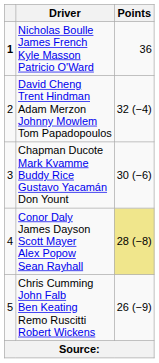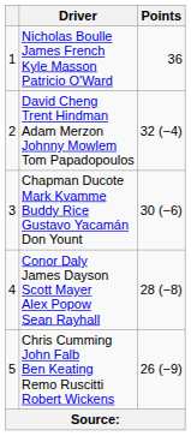 <table class="wikitable" style="font-size: 95%;">
 <tr>
 <th scope="col"></th>
 <th scope="col">Driver</th>
 <th scope="col">Points</th>
 </tr>
 <tr>
-<td align=center><strong>1</strong></td>
+<td align=center>1</td>
 <td> <a href='#'>Nicholas Boulle</a><br> <a href='#'>James French</a><br> <a href='#'>Kyle Masson</a><br> <a href='#'>Patricio O'Ward</a></td>
 <td align=right>36</td>
 </tr>
 <tr>
 <td align=center>2</td>
 <td> <a href='#'>David Cheng</a><br> <a href='#'>Trent Hindman</a><br> Adam Merzon<br> <a href='#'>Johnny Mowlem</a><br> Tom Papadopoulos</td>
 <td align=right>32 (−4)</td>
 </tr>
 <tr>
 <td align=center>3</td>
 <td> Chapman Ducote<br> <a href='#'>Mark Kvamme</a><br> <a href='#'>Buddy Rice</a><br> <a href='#'>Gustavo Yacamán</a><br> Don Yount</td>
 <td align=right>30 (−6)</td>
 </tr>
 <tr>
 <td align=center>4</td>
 <td> <a href='#'>Conor Daly</a><br> James Dayson<br> <a href='#'>Scott Mayer</a><br> <a href='#'>Alex Popow</a><br> <a href='#'>Sean Rayhall</a></td>
-<td align=right style="background: khaki;">28 (−8)</td>
+<td align=right>28 (−8)</td>
 </tr>
 <tr>
 <td align=center>5</td>
 <td> Chris Cumming<br> <a href='#'>John Falb</a><br> <a href='#'>Ben Keating</a><br> Remo Ruscitti<br> <a href='#'>Robert Wickens</a></td>
 <td align=right>26 (−9)</td>
 </tr>
 <tr>
 <th colspan=4>Source:</th>
 </tr>
 </table>
